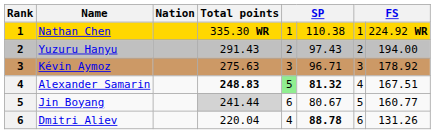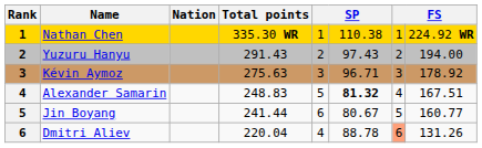 <table class="wikitable sortable">
 <tr>
 <th>Rank</th>
 <th>Name</th>
 <th>Nation</th>
 <th>Total points</th>
 <th width="80" colspan="2"><a href='#'>SP</a></th>
 <th width="80" colspan="2"><a href='#'>FS</a></th>
 </tr>
 <tr bgcolor="gold">
 <td align="center"><strong>1</strong></td>
 <td><a href='#'>Nathan Chen</a></td>
 <td></td>
 <td align="center">335.30 <strong>WR</strong></td>
 <td align="center">1</td>
 <td align="center">110.38</td>
 <td align="center">1</td>
 <td align="center">224.92 <strong>WR</strong></td>
 </tr>
 <tr bgcolor="silver">
 <td align="center"><strong>2</strong></td>
 <td><a href='#'>Yuzuru Hanyu</a></td>
 <td></td>
 <td align="center">291.43</td>
 <td align="center">2</td>
 <td align="center">97.43</td>
 <td align="center">2</td>
 <td align="center">194.00</td>
 </tr>
 <tr bgcolor="#cc9966">
 <td align="center"><strong>3</strong></td>
 <td><a href='#'>Kévin Aymoz</a></td>
 <td></td>
 <td align="center">275.63</td>
 <td align="center">3</td>
 <td align="center">96.71</td>
 <td align="center">3</td>
 <td align="center">178.92</td>
 </tr>
 <tr>
 <th>4</th>
 <td><a href='#'>Alexander Samarin</a></td>
 <td></td>
-<td align="center"><strong>248.83</strong></td>
-<td align="center" style="background: lightgreen;">5</td>
+<td align="center">248.83</td>
+<td align="center">5</td>
 <td align="center"><strong>81.32</strong></td>
 <td align="center">4</td>
 <td align="center">167.51</td>
 </tr>
 <tr>
 <th>5</th>
 <td><a href='#'>Jin Boyang</a></td>
 <td></td>
-<td align="center" style="background: lightgrey;">241.44</td>
+<td align="center">241.44</td>
 <td align="center">6</td>
 <td align="center">80.67</td>
 <td align="center">5</td>
 <td align="center">160.77</td>
 </tr>
 <tr>
 <th>6</th>
 <td><a href='#'>Dmitri Aliev</a></td>
 <td></td>
 <td align="center">220.04</td>
 <td align="center">4</td>
-<td align="center"><strong>88.78</strong></td>
-<td align="center">6</td>
+<td align="center">88.78</td>
+<td align="center" style="background: lightsalmon;">6</td>
 <td align="center">131.26</td>
 </tr>
 </table>
